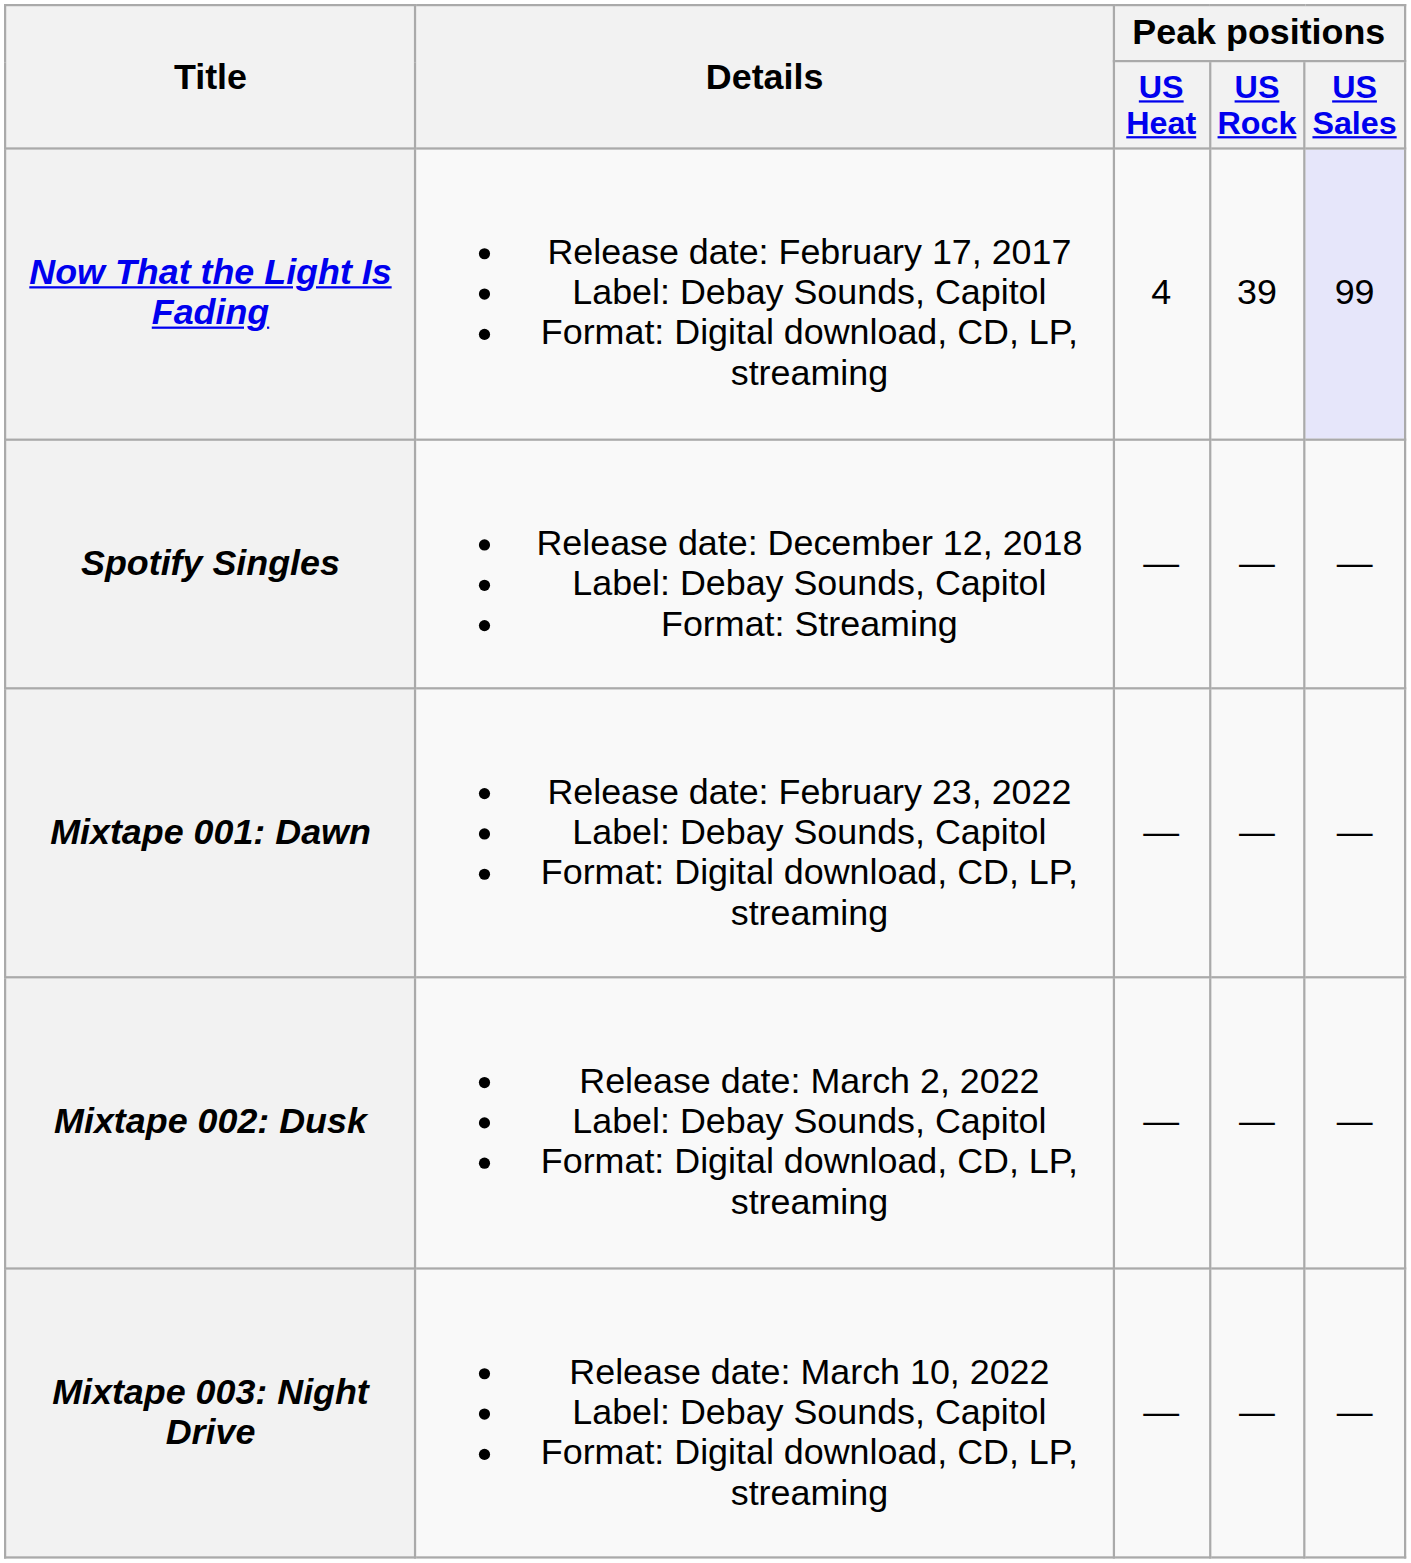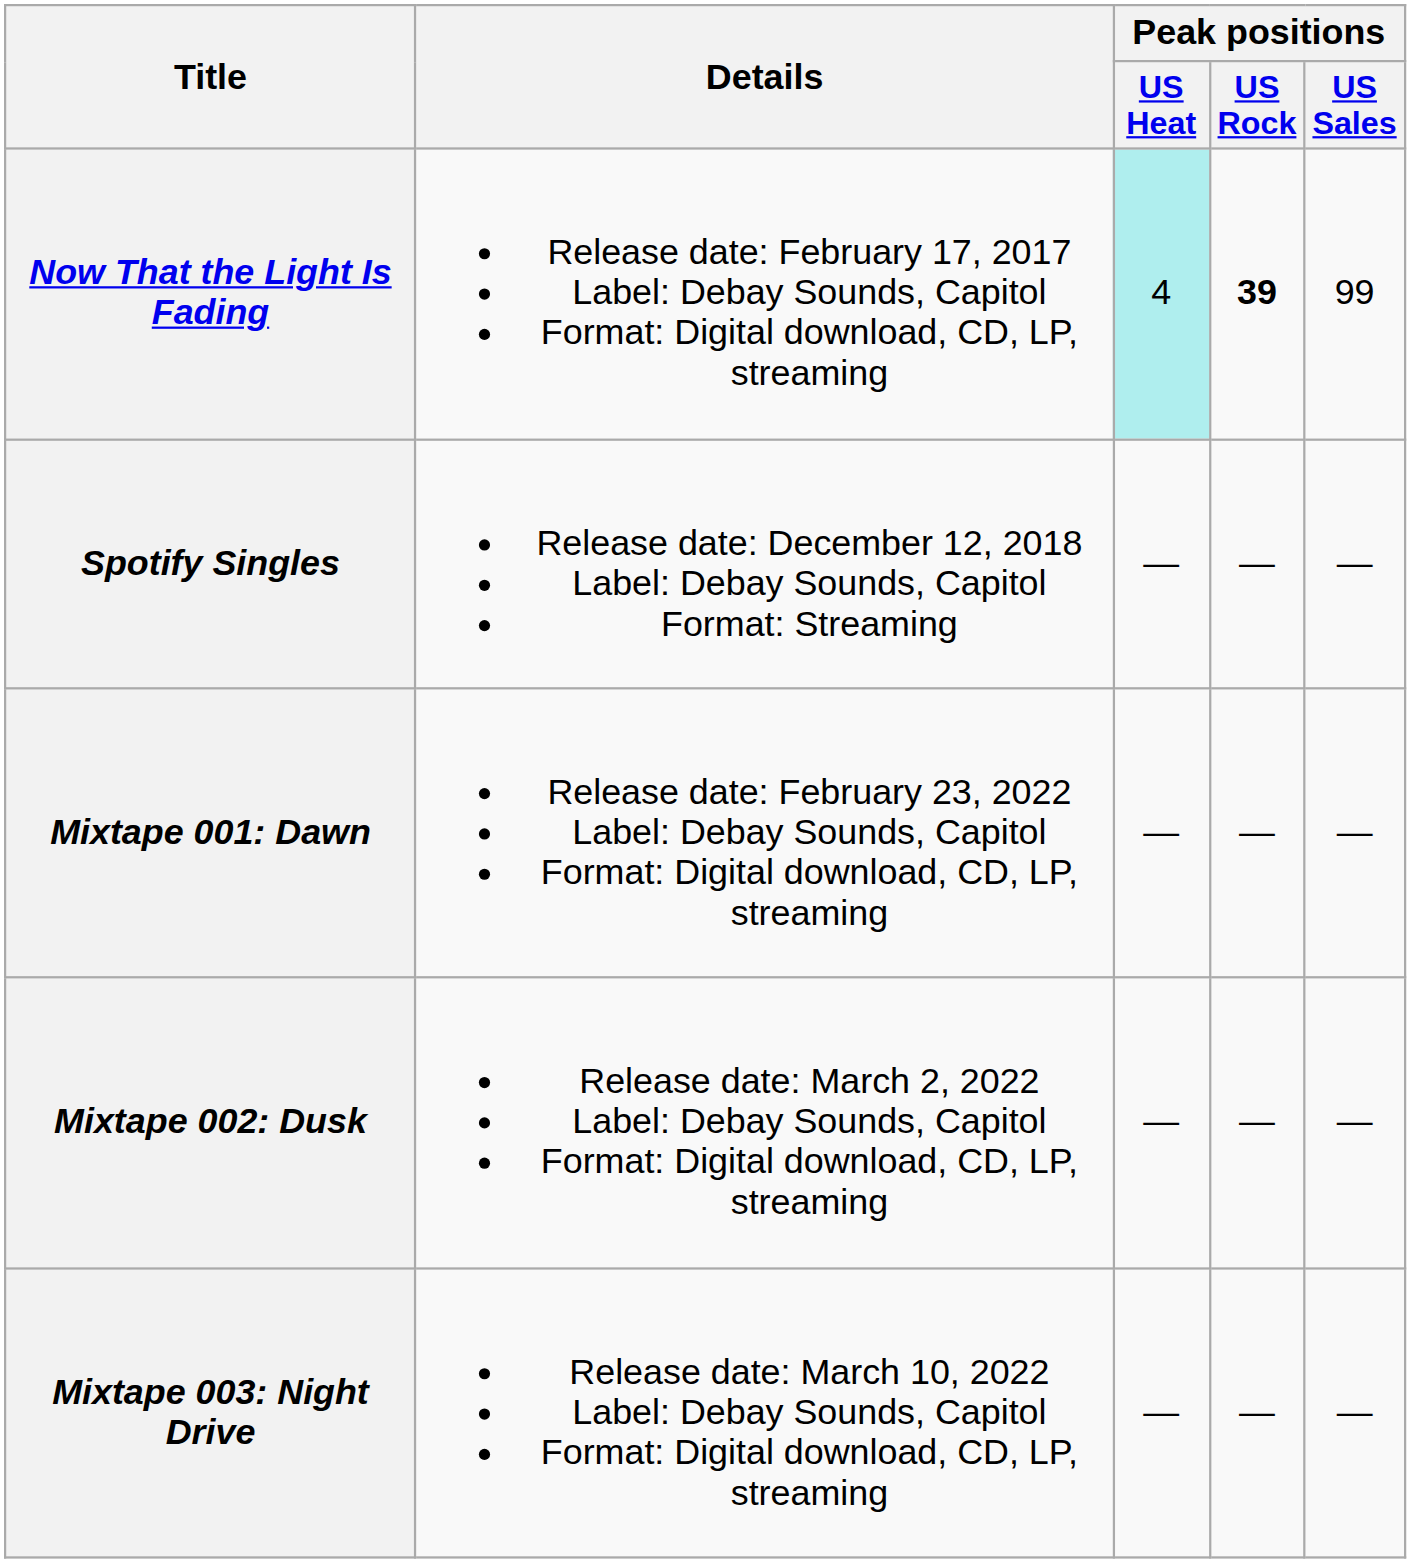 <table class="wikitable plainrowheaders" style="text-align:center;">
 <tr>
 <th scope="col" rowspan="2" style="width:11em;">Title</th>
 <th scope="col" rowspan="2" style="width:19em;">Details</th>
 <th scope="col" colspan="3">Peak positions</th>
 </tr>
 <tr>
 <th scope="col" style="width:2.5em;font-size:90%;"><a href='#'>US<br>Heat</a><br></th>
 <th scope="col" style="width:2.5em;font-size:90%;"><a href='#'>US<br>Rock</a><br></th>
 <th scope="col" style="width:2.5em;font-size:90%;"><a href='#'>US<br>Sales</a><br></th>
 </tr>
 <tr>
 <th scope="row"><em><a href='#'>Now That the Light Is Fading</a></em></th>
 <td><br><ul><li>Release date: February 17, 2017</li><li>Label: Debay Sounds, Capitol</li><li>Format: Digital download, CD, LP, streaming</li></ul></td>
-<td>4</td>
-<td>39</td>
-<td style="background: lavender;">99</td>
+<td style="background: paleturquoise;">4</td>
+<td><strong>39</strong></td>
+<td>99</td>
 </tr>
 <tr>
 <th scope="row"><em>Spotify Singles</em></th>
 <td><br><ul><li>Release date: December 12, 2018</li><li>Label: Debay Sounds, Capitol</li><li>Format: Streaming</li></ul></td>
 <td>—</td>
 <td>—</td>
 <td>—</td>
 </tr>
 <tr>
 <th scope="row"><em>Mixtape 001: Dawn</em></th>
 <td><br><ul><li>Release date: February 23, 2022</li><li>Label: Debay Sounds, Capitol</li><li>Format: Digital download, CD, LP, streaming</li></ul></td>
 <td>—</td>
 <td>—</td>
 <td>—</td>
 </tr>
 <tr>
 <th scope="row"><em>Mixtape 002: Dusk</em></th>
 <td><br><ul><li>Release date: March 2, 2022</li><li>Label: Debay Sounds, Capitol</li><li>Format: Digital download, CD, LP, streaming</li></ul></td>
 <td>—</td>
 <td>—</td>
 <td>—</td>
 </tr>
 <tr>
 <th scope="row"><em>Mixtape 003: Night Drive</em></th>
 <td><br><ul><li>Release date: March 10, 2022</li><li>Label: Debay Sounds, Capitol</li><li>Format: Digital download, CD, LP, streaming</li></ul></td>
 <td>—</td>
 <td>—</td>
 <td>—</td>
 </tr>
 </table>
